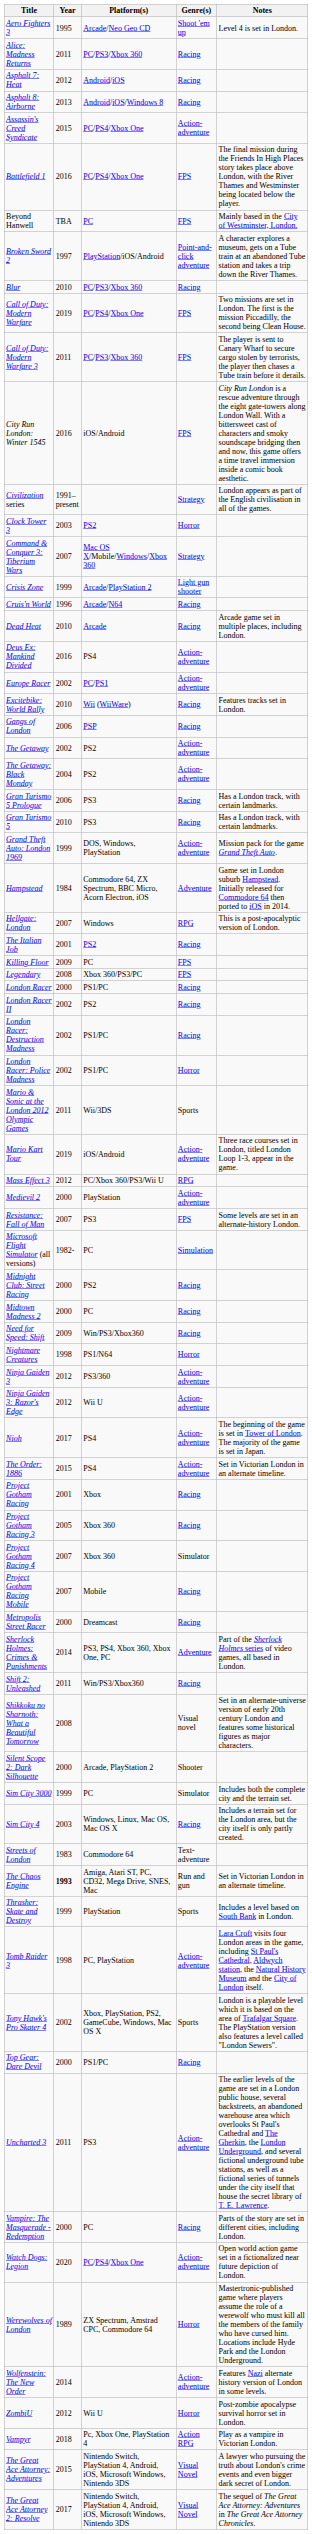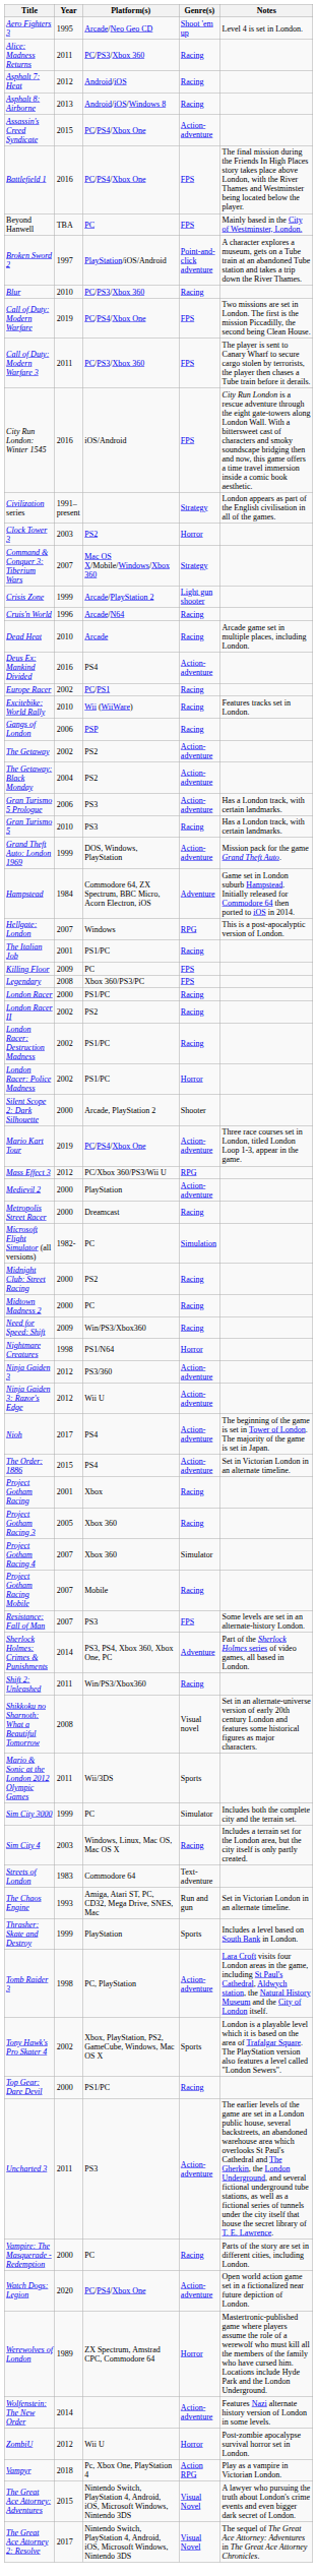 <table class="wikitable sortable">
 <tr>
 <th>Title</th>
 <th>Year</th>
 <th class="unsortable">Platform(s)</th>
 <th>Genre(s)</th>
 <th class="unsortable">Notes</th>
 </tr>
 <tr>
 <td><em><a href='#'>Aero Fighters 3</a></em></td>
 <td>1995</td>
 <td><a href='#'>Arcade</a>/<a href='#'>Neo Geo CD</a></td>
 <td><a href='#'>Shoot 'em up</a></td>
 <td>Level 4 is set in London.</td>
 </tr>
 <tr>
 <td><em><a href='#'>Alice: Madness Returns</a></em></td>
 <td>2011</td>
 <td><a href='#'>PC</a>/<a href='#'>PS3</a>/<a href='#'>Xbox 360</a></td>
 <td><a href='#'>Racing</a></td>
 <td></td>
 </tr>
 <tr>
 <td><em><a href='#'>Asphalt 7: Heat</a></em></td>
 <td>2012</td>
 <td><a href='#'>Android</a>/<a href='#'>iOS</a></td>
 <td><a href='#'>Racing</a></td>
 <td></td>
 </tr>
 <tr>
 <td><em><a href='#'>Asphalt 8: Airborne</a></em></td>
 <td>2013</td>
 <td><a href='#'>Android</a>/<a href='#'>iOS</a>/<a href='#'>Windows 8</a></td>
 <td><a href='#'>Racing</a></td>
 <td></td>
 </tr>
 <tr>
 <td><em><a href='#'>Assassin's Creed Syndicate</a></em></td>
 <td>2015</td>
 <td><a href='#'>PC</a>/<a href='#'>PS4</a>/<a href='#'>Xbox One</a></td>
 <td><a href='#'>Action-adventure</a></td>
 <td></td>
 </tr>
 <tr>
 <td><em><a href='#'>Battlefield 1</a></em></td>
 <td>2016</td>
 <td><a href='#'>PC</a>/<a href='#'>PS4</a>/<a href='#'>Xbox One</a></td>
 <td><a href='#'>FPS</a></td>
 <td>The final mission during the Friends In High Places story takes place above London, with the River Thames and Westminster being located below the player.</td>
 </tr>
 <tr>
 <td>Beyond Hanwell</td>
 <td>TBA</td>
 <td><a href='#'>PC</a></td>
 <td><a href='#'>FPS</a></td>
 <td>Mainly based in the <a href='#'>City of Westminster, London.</a></td>
 </tr>
 <tr>
 <td><em><a href='#'>Broken Sword 2</a></em></td>
 <td>1997</td>
 <td><a href='#'>PlayStation</a>/iOS/Android</td>
 <td><a href='#'>Point-and-click adventure</a></td>
 <td>A character explores a museum, gets on a Tube train at an abandoned Tube station and takes a trip down the River Thames.</td>
 </tr>
 <tr>
 <td><em><a href='#'>Blur</a></em></td>
 <td>2010</td>
 <td><a href='#'>PC</a>/<a href='#'>PS3</a>/<a href='#'>Xbox 360</a></td>
 <td><a href='#'>Racing</a></td>
 <td></td>
 </tr>
 <tr>
 <td><em><a href='#'>Call of Duty: Modern Warfare</a></em></td>
 <td>2019</td>
 <td><a href='#'>PC</a>/<a href='#'>PS4</a>/<a href='#'>Xbox One</a></td>
 <td><a href='#'>FPS</a></td>
 <td>Two missions are set in London. The first is the mission Piccadilly, the second being Clean House.</td>
 </tr>
 <tr>
 <td><em><a href='#'>Call of Duty: Modern Warfare 3</a></em></td>
 <td>2011</td>
 <td><a href='#'>PC</a>/<a href='#'>PS3</a>/<a href='#'>Xbox 360</a></td>
 <td><a href='#'>FPS</a></td>
 <td>The player is sent to Canary Wharf to secure cargo stolen by terrorists, the player then chases a Tube train before it derails.</td>
 </tr>
 <tr>
 <td><em>City Run London: Winter 1545</em></td>
 <td>2016</td>
 <td>iOS/Android</td>
 <td><a href='#'>FPS</a></td>
 <td><em>City Run London</em> is a rescue adventure through the eight gate-towers along London Wall. With a bittersweet cast of characters and smoky soundscape bridging then and now, this game offers a time travel immersion inside a comic book aesthetic.</td>
 </tr>
 <tr>
 <td><em><a href='#'>Civilization</a></em> series</td>
 <td>1991–present</td>
 <td></td>
 <td><a href='#'>Strategy</a></td>
 <td>London appears as part of the English civilisation in all of the games.</td>
 </tr>
 <tr>
 <td><em><a href='#'>Clock Tower 3</a></em></td>
 <td>2003</td>
 <td><a href='#'>PS2</a></td>
 <td><a href='#'>Horror</a></td>
 <td></td>
 </tr>
 <tr>
 <td><em><a href='#'>Command & Conquer 3: Tiberium Wars</a></em></td>
 <td>2007</td>
 <td><a href='#'>Mac OS X</a>/Mobile/<a href='#'>Windows</a>/<a href='#'>Xbox 360</a></td>
 <td><a href='#'>Strategy</a></td>
 <td></td>
 </tr>
 <tr>
 <td><em><a href='#'>Crisis Zone</a></em></td>
 <td>1999</td>
 <td><a href='#'>Arcade</a>/<a href='#'>PlayStation 2</a></td>
 <td><a href='#'>Light gun shooter</a></td>
 <td></td>
 </tr>
 <tr>
 <td><em><a href='#'>Cruis'n World</a></em></td>
 <td>1996</td>
 <td><a href='#'>Arcade</a>/<a href='#'>N64</a></td>
 <td><a href='#'>Racing</a></td>
 <td></td>
 </tr>
 <tr>
 <td><em><a href='#'>Dead Heat</a></em></td>
 <td>2010</td>
 <td><a href='#'>Arcade</a></td>
 <td><a href='#'>Racing</a></td>
 <td>Arcade game set in multiple places, including London.</td>
 </tr>
 <tr>
 <td><em><a href='#'>Deus Ex: Mankind Divided</a></em></td>
 <td>2016</td>
 <td>PS4</td>
 <td><a href='#'>Action-adventure</a></td>
 <td></td>
 </tr>
 <tr>
 <td><em><a href='#'>Europe Racer</a></em></td>
 <td>2002</td>
 <td><a href='#'>PC</a>/<a href='#'>PS1</a></td>
-<td><a href='#'>Action-adventure</a></td>
+<td><a href='#'>Racing</a></td>
 <td></td>
 </tr>
 <tr>
 <td><em><a href='#'>Excitebike: World Rally</a></em></td>
 <td>2010</td>
 <td><a href='#'>Wii</a> (<a href='#'>WiiWare</a>)</td>
 <td><a href='#'>Racing</a></td>
 <td>Features tracks set in London.</td>
 </tr>
 <tr>
 <td><em><a href='#'>Gangs of London</a></em></td>
 <td>2006</td>
 <td><a href='#'>PSP</a></td>
 <td><a href='#'>Racing</a></td>
 <td></td>
 </tr>
 <tr>
 <td><em><a href='#'>The Getaway</a></em></td>
 <td>2002</td>
 <td>PS2</td>
 <td><a href='#'>Action-adventure</a></td>
 <td></td>
 </tr>
 <tr>
 <td><em><a href='#'>The Getaway: Black Monday</a></em></td>
 <td>2004</td>
 <td>PS2</td>
 <td><a href='#'>Action-adventure</a></td>
 <td></td>
 </tr>
 <tr>
 <td><em><a href='#'>Gran Turismo 5 Prologue</a></em></td>
 <td>2006</td>
 <td>PS3</td>
-<td><a href='#'>Racing</a></td>
+<td><a href='#'>Action-adventure</a></td>
 <td>Has a London track, with certain landmarks.</td>
 </tr>
 <tr>
 <td><em><a href='#'>Gran Turismo 5</a></em></td>
 <td>2010</td>
 <td>PS3</td>
 <td><a href='#'>Racing</a></td>
 <td>Has a London track, with certain landmarks.</td>
 </tr>
 <tr>
 <td><em><a href='#'>Grand Theft Auto: London 1969</a></em></td>
 <td>1999</td>
 <td>DOS, Windows, PlayStation</td>
 <td><a href='#'>Action-adventure</a></td>
 <td>Mission pack for the game <em><a href='#'>Grand Theft Auto</a></em>.</td>
 </tr>
 <tr>
 <td><a href='#'><em>Hampstead</em></a></td>
 <td>1984</td>
 <td>Commodore 64, ZX Spectrum, BBC Micro, Acorn Electron, iOS</td>
 <td><a href='#'>Adventure</a></td>
 <td>Game set in London suburb <a href='#'>Hampstead</a>. Initially released for <a href='#'>Commodore 64</a> then ported to <a href='#'>iOS</a> in 2014.</td>
 </tr>
 <tr>
 <td><em><a href='#'>Hellgate: London</a></em></td>
 <td>2007</td>
 <td>Windows</td>
 <td><a href='#'>RPG</a></td>
 <td>This is a post-apocalyptic version of London.</td>
 </tr>
 <tr>
 <td><em><a href='#'>The Italian Job</a></em></td>
 <td>2001</td>
-<td><a href='#'>PS2</a></td>
+<td>PS1/PC</td>
 <td><a href='#'>Racing</a></td>
 <td></td>
 </tr>
 <tr>
 <td><em><a href='#'>Killing Floor</a></em></td>
 <td>2009</td>
 <td>PC</td>
 <td><a href='#'>FPS</a></td>
 <td></td>
 </tr>
 <tr>
 <td><em><a href='#'>Legendary</a></em></td>
 <td>2008</td>
 <td>Xbox 360/PS3/PC</td>
 <td><a href='#'>FPS</a></td>
 <td></td>
 </tr>
 <tr>
 <td><em><a href='#'>London Racer</a></em></td>
 <td>2000</td>
 <td>PS1/PC</td>
 <td><a href='#'>Racing</a></td>
 <td></td>
 </tr>
 <tr>
 <td><em><a href='#'>London Racer II</a></em></td>
 <td>2002</td>
 <td>PS2</td>
 <td><a href='#'>Racing</a></td>
 <td></td>
 </tr>
 <tr>
 <td><em><a href='#'>London Racer: Destruction Madness</a></em></td>
 <td>2002</td>
 <td>PS1/PC</td>
 <td><a href='#'>Racing</a></td>
 <td></td>
 </tr>
 <tr>
 <td><em><a href='#'>London Racer: Police Madness</a></em></td>
 <td>2002</td>
 <td>PS1/PC</td>
 <td><a href='#'>Horror</a></td>
 <td></td>
 </tr>
 <tr>
-<td><em><a href='#'>Mario & Sonic at the London 2012 Olympic Games</a></em></td>
-<td>2011</td>
-<td>Wii/3DS</td>
-<td>Sports</td>
+<td><em><a href='#'>Silent Scope 2: Dark Silhouette</a></em></td>
+<td>2000</td>
+<td>Arcade, PlayStation 2</td>
+<td>Shooter</td>
 <td></td>
 </tr>
 <tr>
 <td><em><a href='#'>Mario Kart Tour</a></em></td>
 <td>2019</td>
-<td>iOS/Android</td>
+<td><a href='#'>PC</a>/<a href='#'>PS4</a>/<a href='#'>Xbox One</a></td>
 <td><a href='#'>Action-adventure</a></td>
 <td>Three race courses set in London, titled London Loop 1-3, appear in the game.</td>
 </tr>
 <tr>
 <td><em><a href='#'>Mass Effect 3</a></em></td>
 <td>2012</td>
 <td>PC/Xbox 360/PS3/Wii U</td>
 <td><a href='#'>RPG</a></td>
 <td></td>
 </tr>
 <tr>
 <td><em><a href='#'>Medievil 2</a></em></td>
 <td>2000</td>
 <td>PlayStation</td>
 <td><a href='#'>Action-adventure</a></td>
 <td></td>
 </tr>
 <tr>
-<td><em><a href='#'>Resistance: Fall of Man</a></em></td>
-<td>2007</td>
-<td>PS3</td>
-<td><a href='#'>FPS</a></td>
-<td>Some levels are set in an alternate-history London.</td>
+<td><em><a href='#'>Metropolis Street Racer</a></em></td>
+<td>2000</td>
+<td>Dreamcast</td>
+<td><a href='#'>Racing</a></td>
+<td></td>
 </tr>
 <tr>
 <td><em><a href='#'>Microsoft Flight Simulator</a></em> (all versions)</td>
 <td>1982-</td>
 <td>PC</td>
 <td><a href='#'>Simulation</a></td>
 <td></td>
 </tr>
 <tr>
 <td><em><a href='#'>Midnight Club: Street Racing</a></em></td>
 <td>2000</td>
 <td>PS2</td>
 <td><a href='#'>Racing</a></td>
 <td></td>
 </tr>
 <tr>
 <td><em><a href='#'>Midtown Madness 2</a></em></td>
 <td>2000</td>
 <td>PC</td>
 <td><a href='#'>Racing</a></td>
 <td></td>
 </tr>
 <tr>
 <td><em><a href='#'>Need for Speed: Shift</a></em></td>
 <td>2009</td>
 <td>Win/PS3/Xbox360</td>
 <td><a href='#'>Racing</a></td>
 <td></td>
 </tr>
 <tr>
 <td><em><a href='#'>Nightmare Creatures</a></em></td>
 <td>1998</td>
 <td>PS1/N64</td>
 <td><a href='#'>Horror</a></td>
 <td></td>
 </tr>
 <tr>
 <td><em><a href='#'>Ninja Gaiden 3</a></em></td>
 <td>2012</td>
 <td>PS3/360</td>
 <td><a href='#'>Action-adventure</a></td>
 <td></td>
 </tr>
 <tr>
 <td><em><a href='#'>Ninja Gaiden 3: Razor's Edge</a></em></td>
 <td>2012</td>
 <td>Wii U</td>
 <td><a href='#'>Action-adventure</a></td>
 <td></td>
 </tr>
 <tr>
 <td><em><a href='#'>Nioh</a></em></td>
 <td>2017</td>
 <td>PS4</td>
 <td><a href='#'>Action-adventure</a></td>
 <td>The beginning of the game is set in <a href='#'>Tower of London</a>. The majority of the game is set in Japan.</td>
 </tr>
 <tr>
 <td><em><a href='#'>The Order: 1886</a></em></td>
 <td>2015</td>
 <td>PS4</td>
 <td><a href='#'>Action-adventure</a></td>
 <td>Set in Victorian London in an alternate timeline.</td>
 </tr>
 <tr>
 <td><em><a href='#'>Project Gotham Racing</a></em></td>
 <td>2001</td>
 <td>Xbox</td>
 <td><a href='#'>Racing</a></td>
 <td></td>
 </tr>
 <tr>
 <td><em><a href='#'>Project Gotham Racing 3</a></em></td>
 <td>2005</td>
 <td>Xbox 360</td>
 <td><a href='#'>Racing</a></td>
 <td></td>
 </tr>
 <tr>
 <td><em><a href='#'>Project Gotham Racing 4</a></em></td>
 <td>2007</td>
 <td>Xbox 360</td>
 <td>Simulator</td>
 <td></td>
 </tr>
 <tr>
 <td><em><a href='#'>Project Gotham Racing Mobile</a></em></td>
 <td>2007</td>
 <td>Mobile</td>
 <td><a href='#'>Racing</a></td>
 <td></td>
 </tr>
 <tr>
-<td><em><a href='#'>Metropolis Street Racer</a></em></td>
-<td>2000</td>
-<td>Dreamcast</td>
-<td><a href='#'>Racing</a></td>
-<td></td>
+<td><em><a href='#'>Resistance: Fall of Man</a></em></td>
+<td>2007</td>
+<td>PS3</td>
+<td><a href='#'>FPS</a></td>
+<td>Some levels are set in an alternate-history London.</td>
 </tr>
 <tr>
 <td><em><a href='#'>Sherlock Holmes: Crimes & Punishments</a></em></td>
 <td>2014</td>
 <td>PS3, PS4, Xbox 360, Xbox One, PC</td>
 <td><a href='#'>Adventure</a></td>
 <td>Part of the <a href='#'><em>Sherlock Holmes</em> series</a> of video games, all based in London.</td>
 </tr>
 <tr>
 <td><em><a href='#'>Shift 2: Unleashed</a></em></td>
 <td>2011</td>
 <td>Win/PS3/Xbox360</td>
 <td><a href='#'>Racing</a></td>
 <td></td>
 </tr>
 <tr>
 <td><em><a href='#'>Shikkoku no Sharnoth: What a Beautiful Tomorrow</a></em></td>
 <td>2008</td>
 <td></td>
 <td>Visual novel</td>
 <td>Set in an alternate-universe version of early 20th century London and features some historical figures as major characters.</td>
 </tr>
 <tr>
-<td><em><a href='#'>Silent Scope 2: Dark Silhouette</a></em></td>
-<td>2000</td>
-<td>Arcade, PlayStation 2</td>
-<td>Shooter</td>
+<td><em><a href='#'>Mario & Sonic at the London 2012 Olympic Games</a></em></td>
+<td>2011</td>
+<td>Wii/3DS</td>
+<td>Sports</td>
 <td></td>
 </tr>
 <tr>
 <td><em><a href='#'>Sim City 3000</a></em></td>
 <td>1999</td>
 <td>PC</td>
 <td>Simulator</td>
 <td>Includes both the complete city and the terrain set.</td>
 </tr>
 <tr>
 <td><em><a href='#'>Sim City 4</a></em></td>
 <td>2003</td>
 <td>Windows, Linux, Mac OS, Mac OS X</td>
 <td><a href='#'>Racing</a></td>
 <td>Includes a terrain set for the London area, but the city itself is only partly created.</td>
 </tr>
 <tr>
 <td><em><a href='#'>Streets of London</a></em></td>
 <td>1983</td>
 <td>Commodore 64</td>
 <td>Text-adventure</td>
 <td></td>
 </tr>
 <tr>
 <td><em><a href='#'>The Chaos Engine</a></em></td>
-<td><strong>1993</strong></td>
+<td>1993</td>
 <td>Amiga, Atari ST, PC, CD32, Mega Drive, SNES, Mac</td>
 <td>Run and gun</td>
 <td>Set in Victorian London in an alternate timeline.</td>
 </tr>
 <tr>
 <td><em><a href='#'>Thrasher: Skate and Destroy</a></em></td>
 <td>1999</td>
 <td>PlayStation</td>
 <td>Sports</td>
 <td>Includes a level based on <a href='#'>South Bank</a> in London.</td>
 </tr>
 <tr>
 <td><em><a href='#'>Tomb Raider 3</a></em></td>
 <td>1998</td>
 <td>PC, PlayStation</td>
 <td><a href='#'>Action-adventure</a></td>
 <td><a href='#'>Lara Croft</a> visits four London areas in the game, including <a href='#'>St Paul's Cathedral</a>, <a href='#'>Aldwych station</a>, the <a href='#'>Natural History Museum</a> and the <a href='#'>City of London</a> itself.</td>
 </tr>
 <tr>
 <td><em><a href='#'>Tony Hawk's Pro Skater 4</a></em></td>
 <td>2002</td>
 <td>Xbox, PlayStation, PS2, GameCube, Windows, Mac OS X</td>
 <td>Sports</td>
 <td>London is a playable level which it is based on the area of <a href='#'>Trafalgar Square</a>. The PlayStation version also features a level called "London Sewers".</td>
 </tr>
 <tr>
 <td><em><a href='#'>Top Gear: Dare Devil</a></em></td>
 <td>2000</td>
 <td>PS1/PC</td>
 <td><a href='#'>Racing</a></td>
 <td></td>
 </tr>
 <tr>
 <td><em><a href='#'>Uncharted 3</a></em></td>
 <td>2011</td>
 <td>PS3</td>
 <td><a href='#'>Action-adventure</a></td>
 <td>The earlier levels of the game are set in a London public house, several backstreets, an abandoned warehouse area which overlooks St Paul's Cathedral and <a href='#'>The Gherkin</a>, the <a href='#'>London Underground</a>, and several fictional underground tube stations, as well as a fictional series of tunnels under the city itself that house the secret library of <a href='#'>T. E. Lawrence</a>.</td>
 </tr>
 <tr>
 <td><em><a href='#'>Vampire: The Masquerade - Redemption</a></em></td>
 <td>2000</td>
 <td>PC</td>
 <td><a href='#'>Racing</a></td>
 <td>Parts of the story are set in different cities, including London.</td>
 </tr>
 <tr>
 <td><em><a href='#'>Watch Dogs: Legion</a></em></td>
 <td>2020</td>
 <td><a href='#'>PC</a>/<a href='#'>PS4</a>/<a href='#'>Xbox One</a></td>
 <td><a href='#'>Action-adventure</a></td>
 <td>Open world action game set in a fictionalized near future depiction of London.</td>
 </tr>
 <tr>
 <td><em><a href='#'>Werewolves of London</a></em></td>
 <td>1989</td>
 <td>ZX Spectrum, Amstrad CPC, Commodore 64</td>
 <td><a href='#'>Horror</a></td>
 <td>Mastertronic-published game where players assume the role of a werewolf who must kill all the members of the family who have cursed him. Locations include Hyde Park and the London Underground.</td>
 </tr>
 <tr>
 <td><em><a href='#'>Wolfenstein: The New Order</a></em></td>
 <td>2014</td>
 <td></td>
 <td><a href='#'>Action-adventure</a></td>
 <td>Features <a href='#'>Nazi</a> alternate history version of London in some levels.</td>
 </tr>
 <tr>
 <td><em><a href='#'>ZombiU</a></em></td>
 <td>2012</td>
 <td>Wii U</td>
 <td><a href='#'>Horror</a></td>
 <td>Post-zombie apocalypse survival horror set in London.</td>
 </tr>
 <tr>
 <td><em><a href='#'>Vampyr</a></em></td>
 <td>2018</td>
 <td>Pc, Xbox One, PlayStation 4</td>
 <td><a href='#'>Action RPG</a></td>
 <td>Play as a vampire in Victorian London.</td>
 </tr>
 <tr>
 <td><em><a href='#'>The Great Ace Attorney: Adventures</a></em></td>
 <td>2015</td>
 <td>Nintendo Switch, PlayStation 4, Android, iOS, Microsoft Windows, Nintendo 3DS</td>
 <td><a href='#'>Visual Novel</a></td>
 <td>A lawyer who pursuing the truth about London's crime events and even bigger dark secret of London.</td>
 </tr>
 <tr>
 <td><em><a href='#'>The Great Ace Attorney 2: Resolve</a></em></td>
 <td>2017</td>
 <td>Nintendo Switch, PlayStation 4, Android, iOS, Microsoft Windows, Nintendo 3DS</td>
 <td><a href='#'>Visual Novel</a></td>
 <td>The sequel of <em>The Great Ace Attorney: Adventures</em> in <em>The Great Ace Attorney Chronicles</em>.</td>
 </tr>
 </table>
